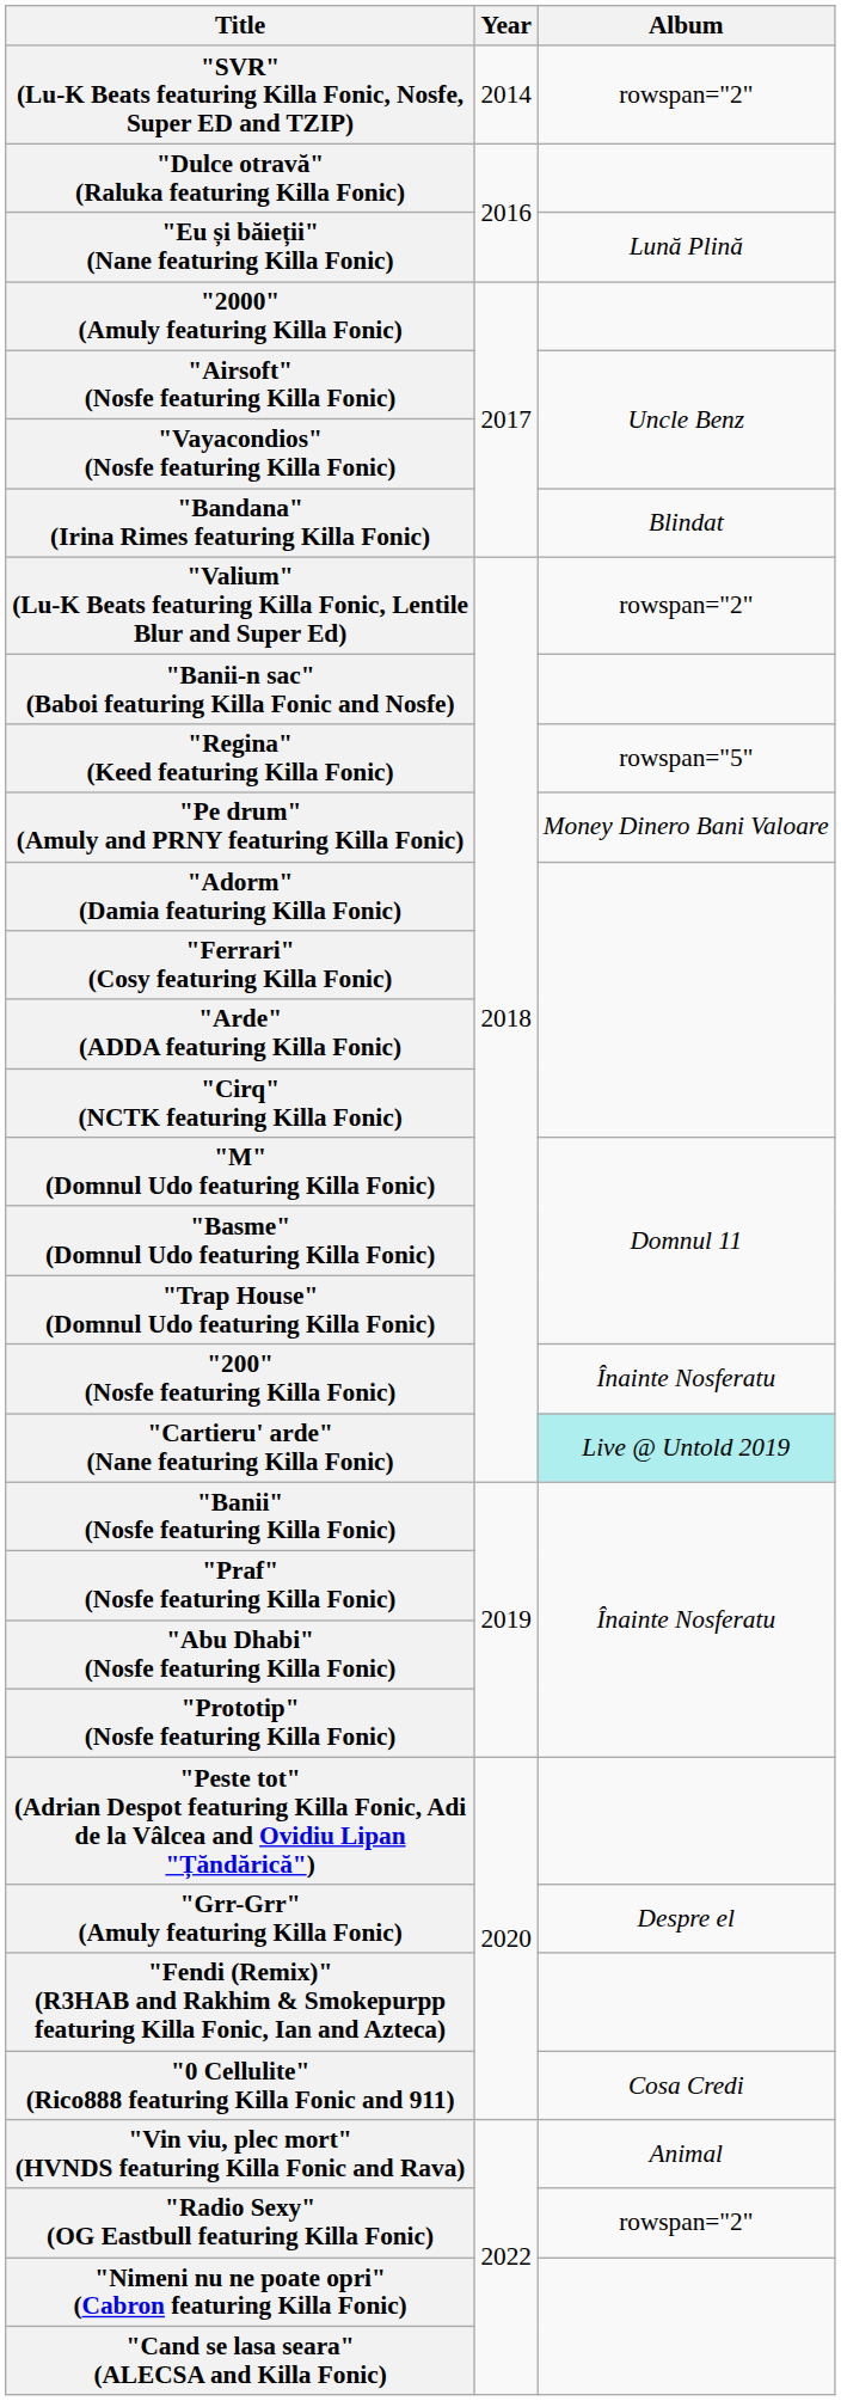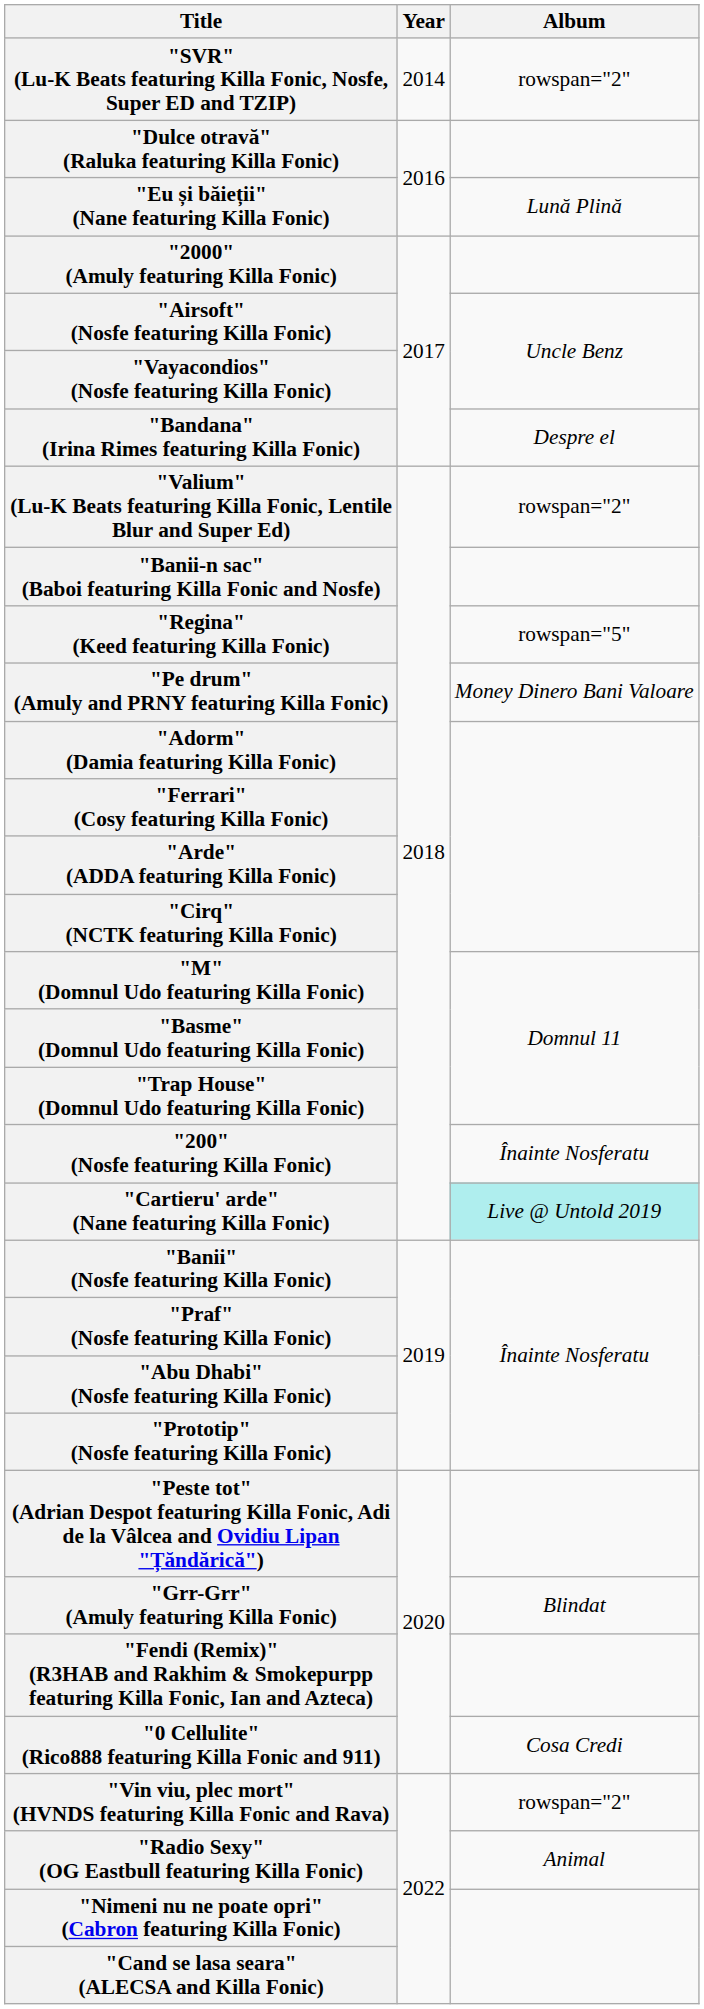 <table class="wikitable plainrowheaders" style="text-align:center;">
 <tr>
 <th scope="col" rowspan="1" style="width:18em;">Title</th>
 <th scope="col" rowspan="1" style="width:1em;">Year</th>
 <th scope="col" rowspan="1">Album</th>
 </tr>
 <tr>
 <th scope="row">"SVR"<br><span>(Lu-K Beats featuring Killa Fonic, Nosfe, Super ED and TZIP)</span></th>
 <td>2014</td>
 <td>rowspan="2" </td>
 </tr>
 <tr>
 <th scope="row">"Dulce otravă"<br><span>(Raluka featuring Killa Fonic)</span></th>
 <td rowspan="2">2016</td>
 </tr>
 <tr>
 <th scope="row">"Eu și băieții"<br><span>(Nane featuring Killa Fonic)</span></th>
 <td><em>Lună Plină</em></td>
 </tr>
 <tr>
 <th scope="row">"2000"<br><span>(Amuly featuring Killa Fonic)</span></th>
 <td rowspan="4">2017</td>
 <td></td>
 </tr>
 <tr>
 <th scope="row">"Airsoft"<br><span>(Nosfe featuring Killa Fonic)</span></th>
 <td rowspan="2"><em>Uncle Benz</em></td>
 </tr>
 <tr>
 <th scope="row">"Vayacondios"<br><span>(Nosfe featuring Killa Fonic)</span></th>
 </tr>
 <tr>
 <th scope="row">"Bandana"<br><span>(Irina Rimes featuring Killa Fonic)</span></th>
-<td><em>Blindat</em></td>
+<td><em>Despre el</em></td>
 </tr>
 <tr>
 <th scope="row">"Valium"<br><span>(Lu-K Beats featuring Killa Fonic, Lentile Blur and Super Ed)</span></th>
 <td rowspan="13">2018</td>
 <td>rowspan="2" </td>
 </tr>
 <tr>
 <th scope="row">"Banii-n sac"<br><span>(Baboi featuring Killa Fonic and Nosfe)</span></th>
 </tr>
 <tr>
 <th scope="row">"Regina"<br><span>(Keed featuring Killa Fonic)</span></th>
 <td>rowspan="5" </td>
 </tr>
 <tr>
 <th scope="row">"Pe drum"<br><span>(Amuly and PRNY featuring Killa Fonic)</span></th>
 <td><em>Money Dinero Bani Valoare</em></td>
 </tr>
 <tr>
 <th scope="row">"Adorm"<br><span>(Damia featuring Killa Fonic)</span></th>
 </tr>
 <tr>
 <th scope="row">"Ferrari"<br><span>(Cosy featuring Killa Fonic)</span></th>
 </tr>
 <tr>
 <th scope="row">"Arde"<br><span>(ADDA featuring Killa Fonic)</span></th>
 </tr>
 <tr>
 <th scope="row">"Cirq"<br><span>(NCTK featuring Killa Fonic)</span></th>
 </tr>
 <tr>
 <th scope="row">"M"<br><span>(Domnul Udo featuring Killa Fonic)</span></th>
 <td rowspan="3"><em>Domnul 11</em></td>
 </tr>
 <tr>
 <th scope="row">"Basme"<br><span>(Domnul Udo featuring Killa Fonic)</span></th>
 </tr>
 <tr>
 <th scope="row">"Trap House"<br><span>(Domnul Udo featuring Killa Fonic)</span></th>
 </tr>
 <tr>
 <th scope="row">"200"<br><span>(Nosfe featuring Killa Fonic)</span></th>
 <td><em>Înainte Nosferatu</em></td>
 </tr>
 <tr>
 <th scope="row">"Cartieru' arde"<br><span>(Nane featuring Killa Fonic)</span></th>
 <td style="background: paleturquoise;"><em>Live @ Untold 2019</em></td>
 </tr>
 <tr>
 <th scope="row">"Banii"<br><span>(Nosfe featuring Killa Fonic)</span></th>
 <td rowspan="4">2019</td>
 <td rowspan="4"><em>Înainte Nosferatu</em></td>
 </tr>
 <tr>
 <th scope="row">"Praf"<br><span>(Nosfe featuring Killa Fonic)</span></th>
 </tr>
 <tr>
 <th scope="row">"Abu Dhabi"<br><span>(Nosfe featuring Killa Fonic)</span></th>
 </tr>
 <tr>
 <th scope="row">"Prototip"<br><span>(Nosfe featuring Killa Fonic)</span></th>
 </tr>
 <tr>
 <th scope="row">"Peste tot"<br><span>(Adrian Despot featuring Killa Fonic, Adi de la Vâlcea and <a href='#'>Ovidiu Lipan "Țăndărică"</a>)</span></th>
 <td rowspan="4">2020</td>
 <td></td>
 </tr>
 <tr>
 <th scope="row">"Grr-Grr"<br><span>(Amuly featuring Killa Fonic)</span></th>
-<td><em>Despre el</em></td>
+<td><em>Blindat</em></td>
 </tr>
 <tr>
 <th scope="row">"Fendi (Remix)"<br><span>(R3HAB and Rakhim & Smokepurpp featuring Killa Fonic, Ian and Azteca)</span></th>
 <td></td>
 </tr>
 <tr>
 <th scope="row">"0 Cellulite"<br><span>(Rico888 featuring Killa Fonic and 911)</span></th>
 <td><em>Cosa Credi</em></td>
 </tr>
 <tr>
 <th scope="row">"Vin viu, plec mort"<br><span>(HVNDS featuring Killa Fonic and Rava)</span></th>
 <td rowspan="4">2022</td>
-<td><em>Animal</em></td>
+<td>rowspan="2" </td>
 </tr>
 <tr>
 <th scope="row">"Radio Sexy"<br><span>(OG Eastbull featuring Killa Fonic)</span></th>
-<td>rowspan="2" </td>
+<td><em>Animal</em></td>
 </tr>
 <tr>
 <th scope="row">"Nimeni nu ne poate opri"<br><span>(<a href='#'>Cabron</a> featuring Killa Fonic)</span></th>
 </tr>
 <tr>
 <th scope="row">"Cand se lasa seara"<br><span> (ALECSA and Killa Fonic)</span></th>
 </tr>
 </table>
